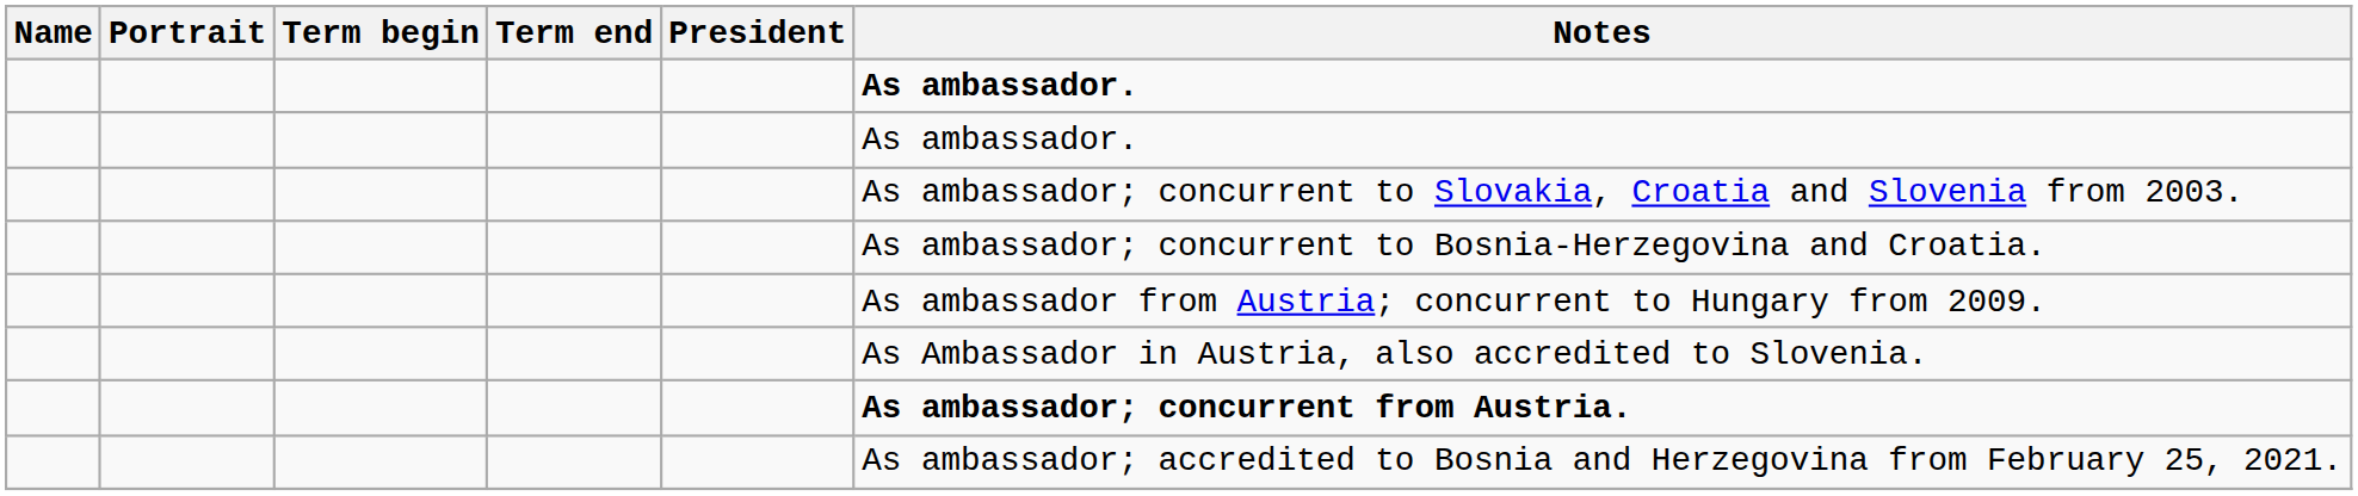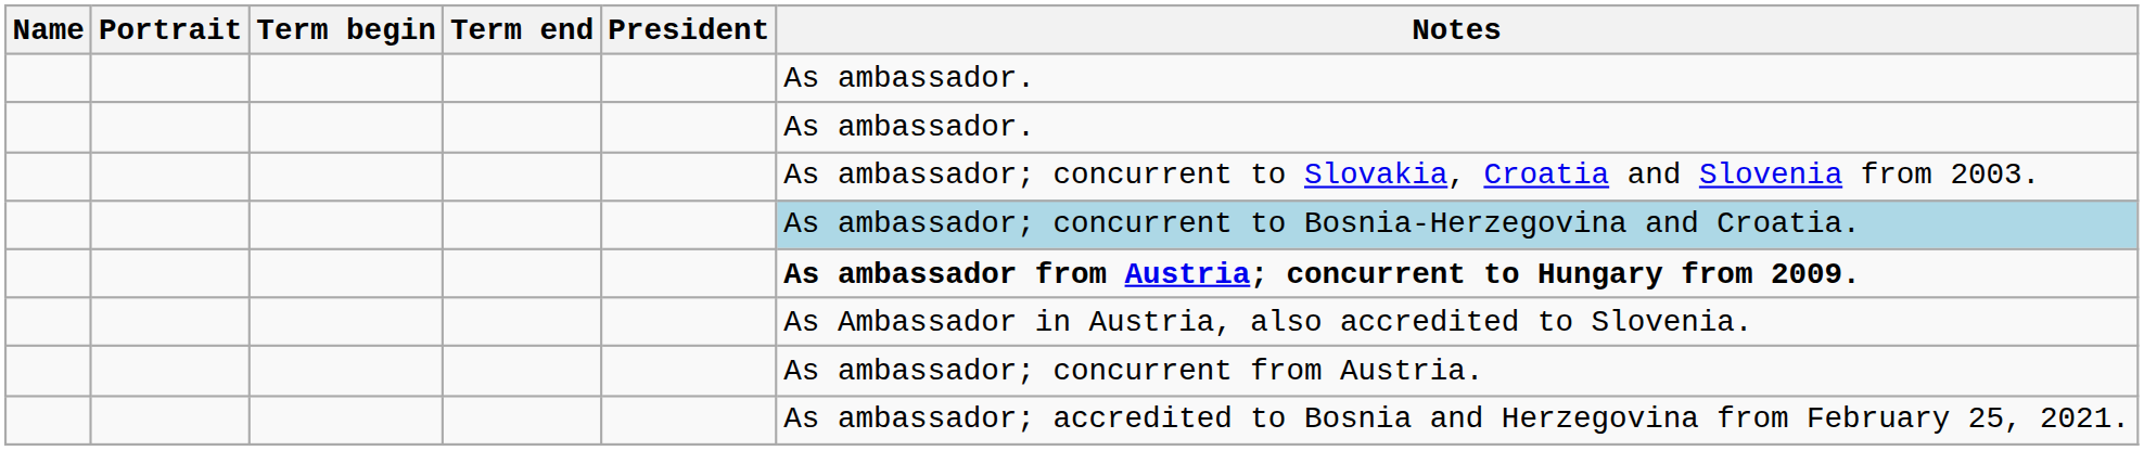 <table class="wikitable sortable"  text-align:center;">
 <tr>
 <th>Name</th>
 <th class="unsortable">Portrait</th>
 <th>Term begin</th>
 <th>Term end</th>
 <th>President</th>
 <th class="unsortable">Notes</th>
 </tr>
 <tr>
 <td></td>
 <td></td>
 <td></td>
 <td></td>
 <td></td>
-<td><strong>As ambassador.</strong></td>
+<td>As ambassador.</td>
 </tr>
 <tr>
 <td></td>
 <td></td>
 <td></td>
 <td></td>
 <td></td>
 <td>As ambassador.</td>
 </tr>
 <tr>
 <td></td>
 <td></td>
 <td></td>
 <td></td>
 <td></td>
 <td>As ambassador; concurrent to <a href='#'>Slovakia</a>, <a href='#'>Croatia</a> and <a href='#'>Slovenia</a> from 2003.</td>
 </tr>
 <tr>
 <td></td>
 <td></td>
 <td></td>
 <td></td>
 <td></td>
-<td>As ambassador; concurrent to Bosnia-Herzegovina and Croatia.</td>
+<td style="background: lightblue;">As ambassador; concurrent to Bosnia-Herzegovina and Croatia.</td>
 </tr>
 <tr>
 <td></td>
 <td></td>
 <td></td>
 <td></td>
 <td></td>
-<td>As ambassador from <a href='#'>Austria</a>; concurrent to Hungary from 2009.</td>
+<td><strong>As ambassador from <a href='#'>Austria</a>; concurrent to Hungary from 2009.</strong></td>
 </tr>
 <tr>
 <td></td>
 <td></td>
 <td></td>
 <td></td>
 <td></td>
 <td>As Ambassador in Austria, also accredited to Slovenia.</td>
 </tr>
 <tr>
 <td></td>
 <td></td>
 <td></td>
 <td></td>
 <td></td>
-<td><strong>As ambassador; concurrent from Austria.</strong></td>
+<td>As ambassador; concurrent from Austria.</td>
 </tr>
 <tr>
 <td></td>
 <td></td>
 <td></td>
 <td></td>
 <td></td>
 <td>As ambassador; accredited to Bosnia and Herzegovina from February 25, 2021.</td>
 </tr>
 <tr>
 </tr>
 </table>
